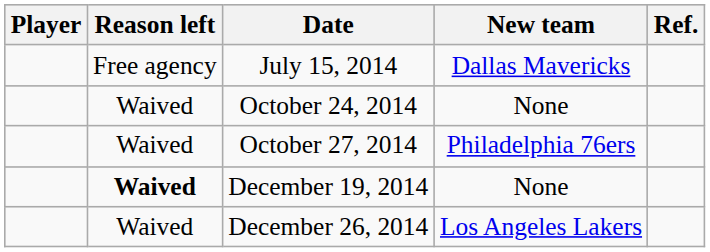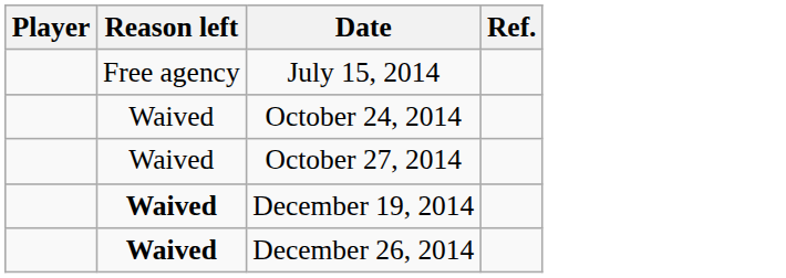 <table class="wikitable sortable sortable" style="text-align: center">
 <tr>
 <th>Player</th>
 <th>Reason left</th>
 <th>Date</th>
-<th>New team</th>
 <th>Ref.</th>
 </tr>
 <tr>
 <td></td>
 <td>Free agency</td>
 <td>July 15, 2014</td>
-<td><a href='#'>Dallas Mavericks</a></td>
 <td></td>
 </tr>
 <tr>
 <td></td>
 <td>Waived</td>
 <td>October 24, 2014</td>
-<td>None</td>
 <td></td>
 </tr>
 <tr>
 <td></td>
 <td>Waived</td>
 <td>October 27, 2014</td>
-<td><a href='#'>Philadelphia 76ers</a></td>
 <td></td>
 </tr>
 <tr>
 <td></td>
 <td><strong>Waived</strong></td>
 <td>December 19, 2014</td>
-<td>None</td>
 <td></td>
 </tr>
 <tr>
 <td></td>
-<td>Waived</td>
+<td><strong>Waived</strong></td>
 <td>December 26, 2014</td>
-<td><a href='#'>Los Angeles Lakers</a></td>
 <td></td>
 </tr>
 </table>
